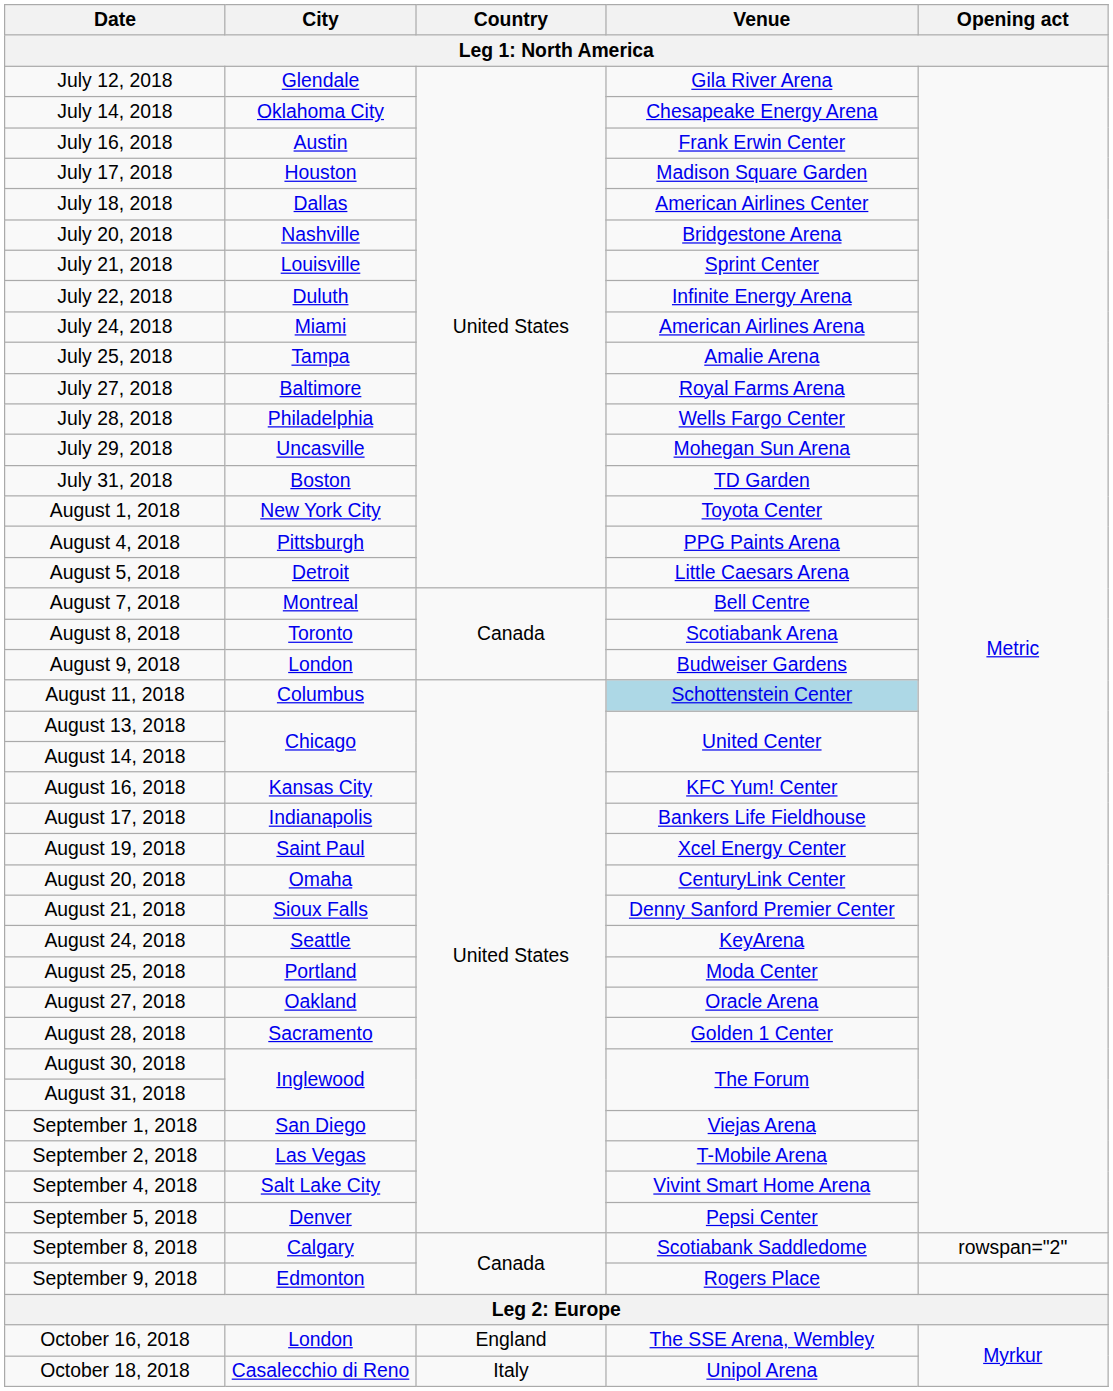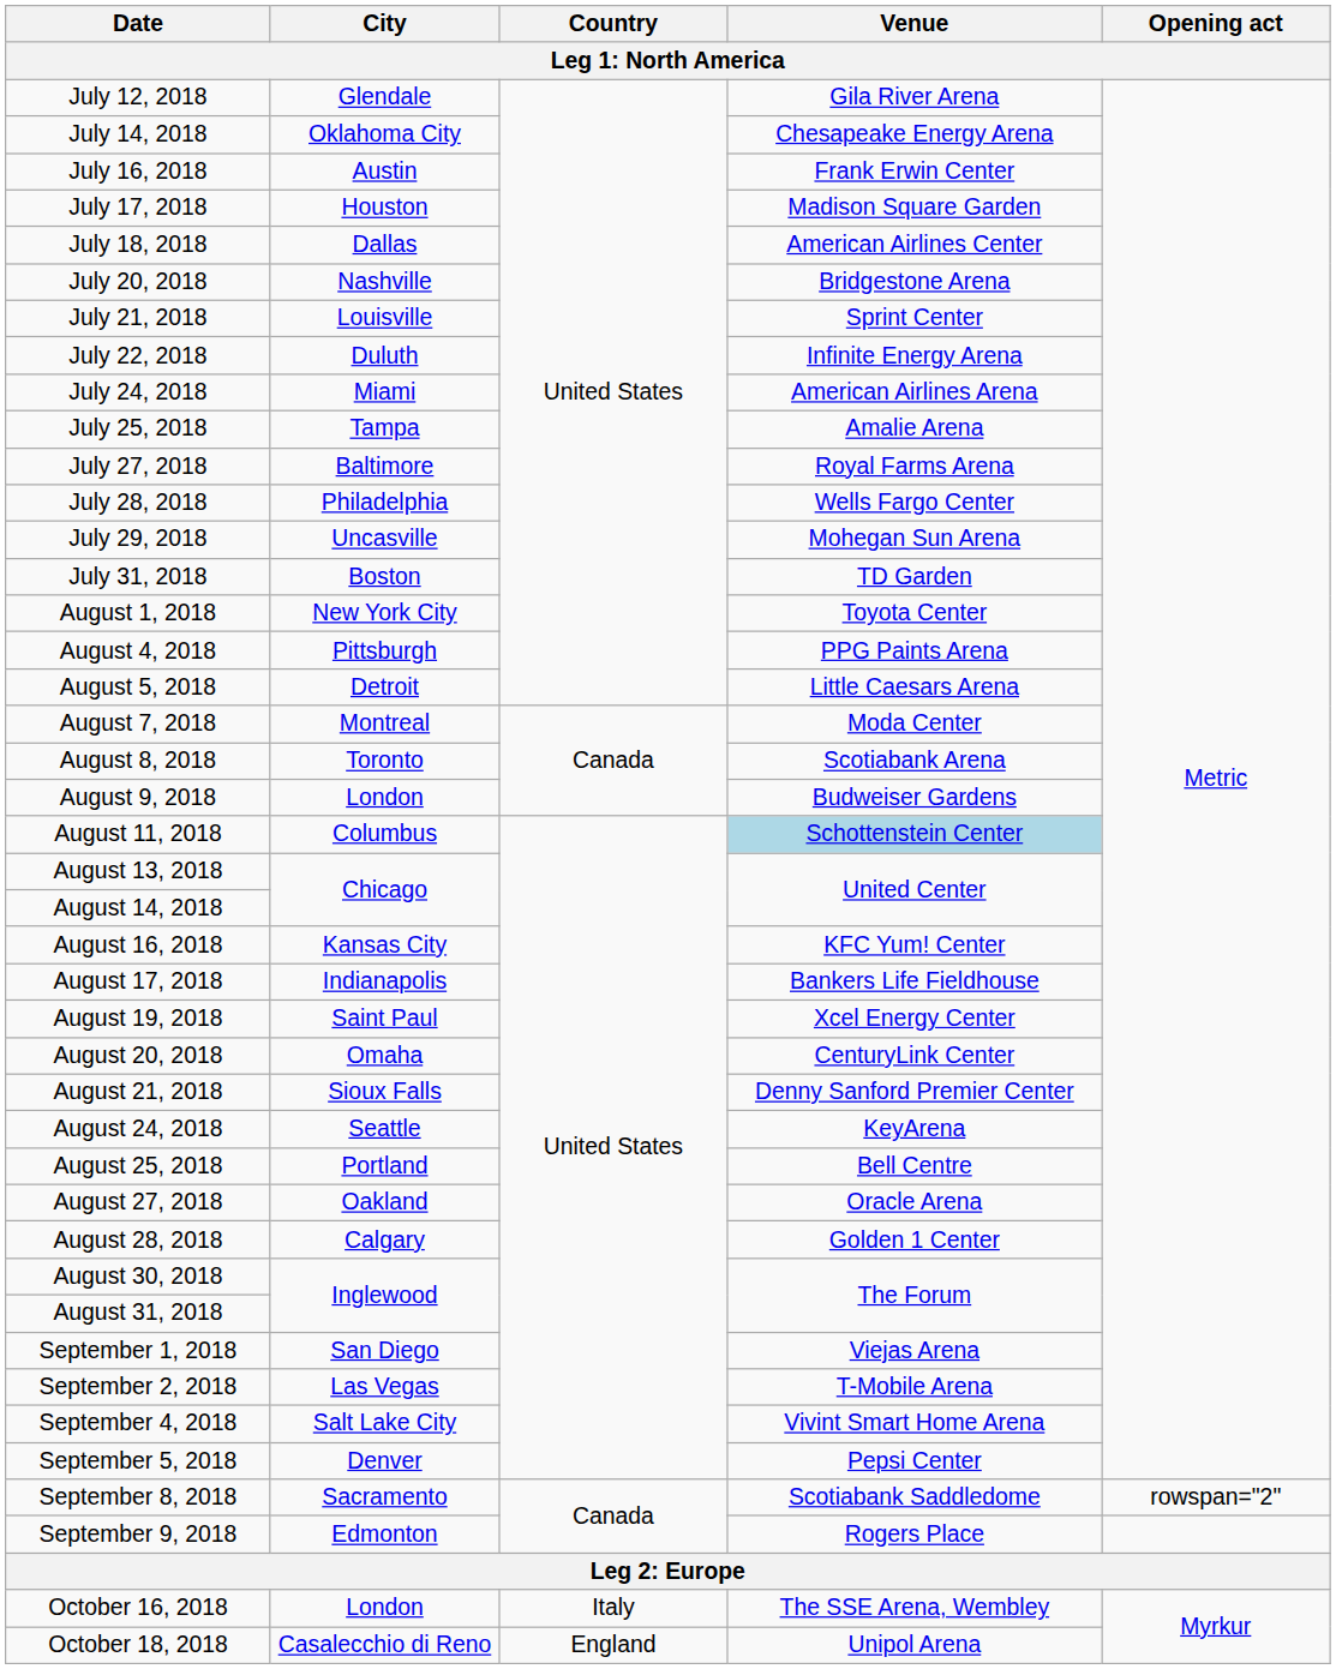 <table class="wikitable" style="text-align:center">
 <tr>
 <th style="width:175px;">Date</th>
 <th style="width:150px;">City</th>
 <th style="width:150px;">Country</th>
 <th style="width:250px;">Venue</th>
 <th style="width:150px;">Opening act</th>
 </tr>
 <tr>
 <th colspan="5">Leg 1: North America</th>
 </tr>
 <tr>
 <td>July 12, 2018</td>
 <td><a href='#'>Glendale</a></td>
 <td rowspan="17">United States</td>
 <td><a href='#'>Gila River Arena</a></td>
 <td rowspan="38"><a href='#'>Metric</a></td>
 </tr>
 <tr>
 <td>July 14, 2018</td>
 <td><a href='#'>Oklahoma City</a></td>
 <td><a href='#'>Chesapeake Energy Arena</a></td>
 </tr>
 <tr>
 <td>July 16, 2018</td>
 <td><a href='#'>Austin</a></td>
 <td><a href='#'>Frank Erwin Center</a></td>
 </tr>
 <tr>
 <td>July 17, 2018</td>
 <td><a href='#'>Houston</a></td>
 <td><a href='#'>Madison Square Garden</a></td>
 </tr>
 <tr>
 <td>July 18, 2018</td>
 <td><a href='#'>Dallas</a></td>
 <td><a href='#'>American Airlines Center</a></td>
 </tr>
 <tr>
 <td>July 20, 2018</td>
 <td><a href='#'>Nashville</a></td>
 <td><a href='#'>Bridgestone Arena</a></td>
 </tr>
 <tr>
 <td>July 21, 2018</td>
 <td><a href='#'>Louisville</a></td>
 <td><a href='#'>Sprint Center</a></td>
 </tr>
 <tr>
 <td>July 22, 2018</td>
 <td><a href='#'>Duluth</a></td>
 <td><a href='#'>Infinite Energy Arena</a></td>
 </tr>
 <tr>
 <td>July 24, 2018</td>
 <td><a href='#'>Miami</a></td>
 <td><a href='#'>American Airlines Arena</a></td>
 </tr>
 <tr>
 <td>July 25, 2018</td>
 <td><a href='#'>Tampa</a></td>
 <td><a href='#'>Amalie Arena</a></td>
 </tr>
 <tr>
 <td>July 27, 2018</td>
 <td><a href='#'>Baltimore</a></td>
 <td><a href='#'>Royal Farms Arena</a></td>
 </tr>
 <tr>
 <td>July 28, 2018</td>
 <td><a href='#'>Philadelphia</a></td>
 <td><a href='#'>Wells Fargo Center</a></td>
 </tr>
 <tr>
 <td>July 29, 2018</td>
 <td><a href='#'>Uncasville</a></td>
 <td><a href='#'>Mohegan Sun Arena</a></td>
 </tr>
 <tr>
 <td>July 31, 2018</td>
 <td><a href='#'>Boston</a></td>
 <td><a href='#'>TD Garden</a></td>
 </tr>
 <tr>
 <td>August 1, 2018</td>
 <td><a href='#'>New York City</a></td>
 <td><a href='#'>Toyota Center</a></td>
 </tr>
 <tr>
 <td>August 4, 2018</td>
 <td><a href='#'>Pittsburgh</a></td>
 <td><a href='#'>PPG Paints Arena</a></td>
 </tr>
 <tr>
 <td>August 5, 2018</td>
 <td><a href='#'>Detroit</a></td>
 <td><a href='#'>Little Caesars Arena</a></td>
 </tr>
 <tr>
 <td>August 7, 2018</td>
 <td><a href='#'>Montreal</a></td>
 <td rowspan="3">Canada</td>
-<td><a href='#'>Bell Centre</a></td>
+<td><a href='#'>Moda Center</a></td>
 </tr>
 <tr>
 <td>August 8, 2018</td>
 <td><a href='#'>Toronto</a></td>
 <td><a href='#'>Scotiabank Arena</a></td>
 </tr>
 <tr>
 <td>August 9, 2018</td>
 <td><a href='#'>London</a></td>
 <td><a href='#'>Budweiser Gardens</a></td>
 </tr>
 <tr>
 <td>August 11, 2018</td>
 <td><a href='#'>Columbus</a></td>
 <td rowspan="18">United States</td>
 <td style="background: lightblue;"><a href='#'>Schottenstein Center</a></td>
 </tr>
 <tr>
 <td>August 13, 2018</td>
 <td rowspan="2"><a href='#'>Chicago</a></td>
 <td rowspan="2"><a href='#'>United Center</a></td>
 </tr>
 <tr>
 <td>August 14, 2018</td>
 </tr>
 <tr>
 <td>August 16, 2018</td>
 <td><a href='#'>Kansas City</a></td>
 <td><a href='#'>KFC Yum! Center</a></td>
 </tr>
 <tr>
 <td>August 17, 2018</td>
 <td><a href='#'>Indianapolis</a></td>
 <td><a href='#'>Bankers Life Fieldhouse</a></td>
 </tr>
 <tr>
 <td>August 19, 2018</td>
 <td><a href='#'>Saint Paul</a></td>
 <td><a href='#'>Xcel Energy Center</a></td>
 </tr>
 <tr>
 <td>August 20, 2018</td>
 <td><a href='#'>Omaha</a></td>
 <td><a href='#'>CenturyLink Center</a></td>
 </tr>
 <tr>
 <td>August 21, 2018</td>
 <td><a href='#'>Sioux Falls</a></td>
 <td><a href='#'>Denny Sanford Premier Center</a></td>
 </tr>
 <tr>
 <td>August 24, 2018</td>
 <td><a href='#'>Seattle</a></td>
 <td><a href='#'>KeyArena</a></td>
 </tr>
 <tr>
 <td>August 25, 2018</td>
 <td><a href='#'>Portland</a></td>
-<td><a href='#'>Moda Center</a></td>
+<td><a href='#'>Bell Centre</a></td>
 </tr>
 <tr>
 <td>August 27, 2018</td>
 <td><a href='#'>Oakland</a></td>
 <td><a href='#'>Oracle Arena</a></td>
 </tr>
 <tr>
 <td>August 28, 2018</td>
-<td><a href='#'>Sacramento</a></td>
+<td><a href='#'>Calgary</a></td>
 <td><a href='#'>Golden 1 Center</a></td>
 </tr>
 <tr>
 <td>August 30, 2018</td>
 <td rowspan="2"><a href='#'>Inglewood</a></td>
 <td rowspan="2"><a href='#'>The Forum</a></td>
 </tr>
 <tr>
 <td>August 31, 2018</td>
 </tr>
 <tr>
 <td>September 1, 2018</td>
 <td><a href='#'>San Diego</a></td>
 <td><a href='#'>Viejas Arena</a></td>
 </tr>
 <tr>
 <td>September 2, 2018</td>
 <td><a href='#'>Las Vegas</a></td>
 <td><a href='#'>T-Mobile Arena</a></td>
 </tr>
 <tr>
 <td>September 4, 2018</td>
 <td><a href='#'>Salt Lake City</a></td>
 <td><a href='#'>Vivint Smart Home Arena</a></td>
 </tr>
 <tr>
 <td>September 5, 2018</td>
 <td><a href='#'>Denver</a></td>
 <td><a href='#'>Pepsi Center</a></td>
 </tr>
 <tr>
 <td>September 8, 2018</td>
-<td><a href='#'>Calgary</a></td>
+<td><a href='#'>Sacramento</a></td>
 <td rowspan="2">Canada</td>
 <td><a href='#'>Scotiabank Saddledome</a></td>
 <td>rowspan="2" </td>
 </tr>
 <tr>
 <td>September 9, 2018</td>
 <td><a href='#'>Edmonton</a></td>
 <td><a href='#'>Rogers Place</a></td>
 </tr>
 <tr>
 <th colspan=5>Leg 2: Europe</th>
 </tr>
 <tr>
 <td>October 16, 2018</td>
 <td><a href='#'>London</a></td>
-<td>England</td>
+<td>Italy</td>
 <td><a href='#'>The SSE Arena, Wembley</a></td>
 <td rowspan="2"><a href='#'>Myrkur</a></td>
 </tr>
 <tr>
 <td>October 18, 2018</td>
 <td><a href='#'>Casalecchio di Reno</a></td>
-<td>Italy</td>
+<td>England</td>
 <td><a href='#'>Unipol Arena</a></td>
 </tr>
 </table>
